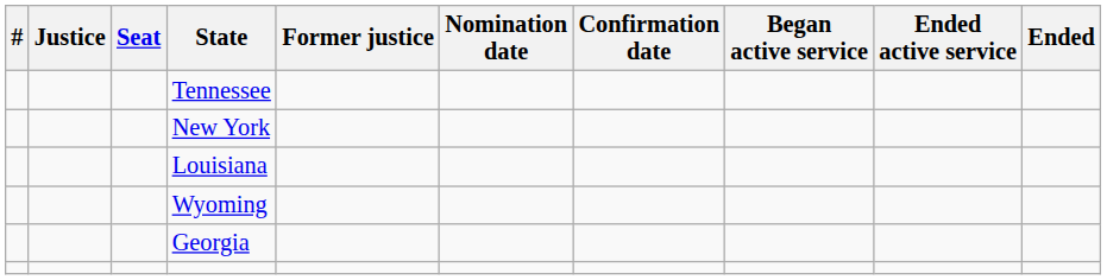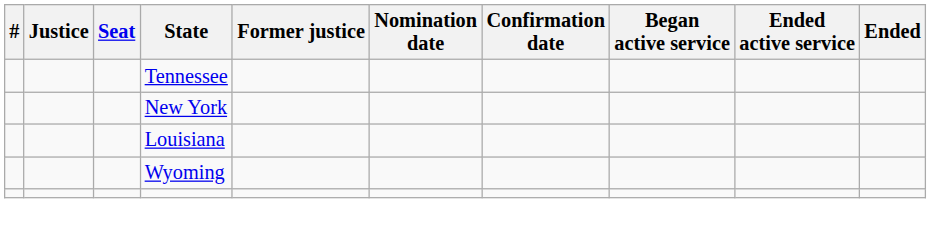 <table class="sortable wikitable">
 <tr bgcolor="#ececec">
 <th>#</th>
 <th>Justice</th>
 <th><a href='#'>Seat</a></th>
 <th>State</th>
 <th>Former justice</th>
 <th>Nomination<br>date</th>
 <th>Confirmation<br>date</th>
 <th>Began<br>active service</th>
 <th>Ended<br>active service</th>
 <th>Ended<br></th>
 </tr>
 <tr>
 <td></td>
 <td></td>
 <td align="center"></td>
 <td><a href='#'>Tennessee</a></td>
 <td></td>
 <td></td>
 <td></td>
 <td></td>
 <td></td>
 <td align="center"></td>
 </tr>
 <tr>
 <td></td>
 <td></td>
 <td align="center"></td>
 <td><a href='#'>New York</a></td>
 <td></td>
 <td></td>
 <td></td>
 <td></td>
 <td></td>
 <td align="center"></td>
 </tr>
 <tr>
 <td></td>
 <td></td>
 <td align="center"></td>
 <td><a href='#'>Louisiana</a></td>
 <td></td>
 <td></td>
 <td></td>
 <td></td>
 <td></td>
 <td align="center"></td>
 </tr>
 <tr>
 <td></td>
 <td></td>
 <td align="center"></td>
 <td><a href='#'>Wyoming</a></td>
 <td></td>
 <td></td>
 <td></td>
 <td></td>
 <td></td>
 <td></td>
 </tr>
 <tr>
 <td></td>
 <td></td>
 <td align="center"></td>
-<td><a href='#'>Georgia</a></td>
-<td></td>
-<td></td>
-<td></td>
-<td></td>
-<td></td>
-<td align="center"></td>
-</tr>
-<tr>
-<td></td>
-<td></td>
-<td align="center"></td>
 <td></td>
 <td></td>
 <td></td>
 <td></td>
 <td></td>
 <td></td>
 <td align="center"></td>
 </tr>
 </table>
